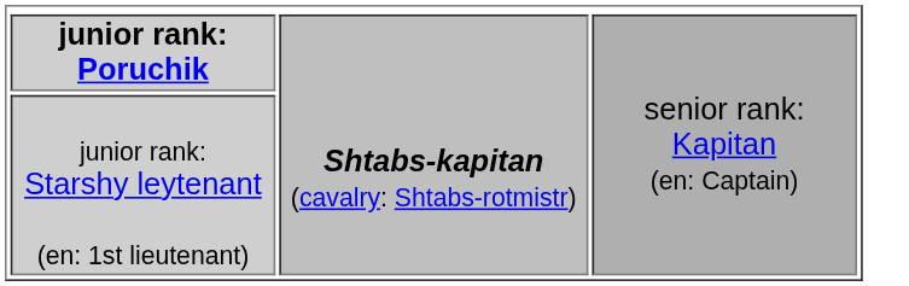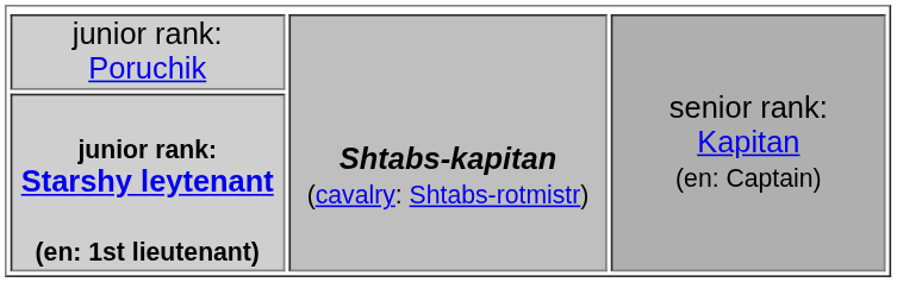 <table class="wikipedia sortable" border="1">
 <tr>
 </tr>
 <tr>
-<td width="30%" align="center" style="background:#cfcfcf;"><strong>junior rank:<br><a href='#'>Poruchik</a></strong></td>
+<td width="30%" align="center" style="background:#cfcfcf;">junior rank:<br><a href='#'>Poruchik</a></td>
 <td width="35%" align="center" rowspan="2" style="background:#bfbfbf;"><br> <br><strong><em>Shtabs-kapitan</em></strong><br><small>(<a href='#'>cavalry</a>: <a href='#'>Shtabs-rotmistr</a>)</small></td>
 <td width="30%" align="center" rowspan="2" style="background:#afafaf;">senior rank:<br><a href='#'>Kapitan</a><br><small>(en: Captain)</small></td>
 </tr>
 <tr>
-<td width="30%" align="center" style="background:#cfcfcf;"><br>  <small>junior rank:</small><br><a href='#'>Starshy leytenant</a><br><br><small>(en: 1st lieutenant)</small></td>
+<td width="30%" align="center" style="background:#cfcfcf;"><strong><br>  <small>junior rank:</small><br><a href='#'>Starshy leytenant</a><br><br><small>(en: 1st lieutenant)</small></strong></td>
 </tr>
 </table>
